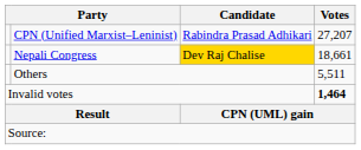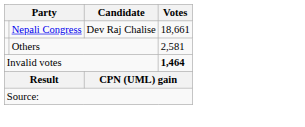 <table class="wikitable">
 <tr>
 <th colspan="2">Party</th>
 <th>Candidate</th>
 <th>Votes</th>
 </tr>
 <tr>
 <td style="background-color:"></td>
-<td><a href='#'>CPN (Unified Marxist–Leninist)</a></td>
-<td><a href='#'>Rabindra Prasad Adhikari</a></td>
-<td>27,207</td>
-</tr>
-<tr>
-<td style="background-color:"></td>
 <td><a href='#'>Nepali Congress</a></td>
-<td style="background: gold;">Dev Raj Chalise</td>
+<td>Dev Raj Chalise</td>
 <td>18,661</td>
 </tr>
 <tr>
 <td></td>
 <td colspan="2">Others</td>
-<td>5,511</td>
+<td>2,581</td>
 </tr>
 <tr>
 <td colspan="3">Invalid votes</td>
 <td><strong>1,464</strong></td>
 </tr>
 <tr>
 <th colspan="2">Result</th>
 <th colspan="2">CPN (UML) gain</th>
 </tr>
 <tr>
 <td colspan="4">Source: </td>
 </tr>
 </table>
